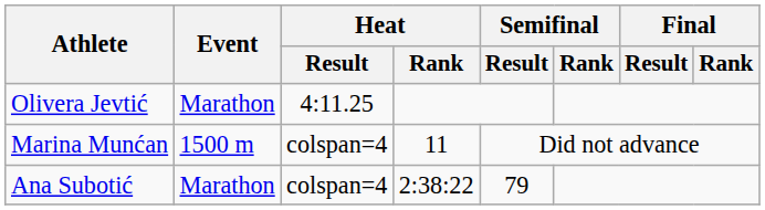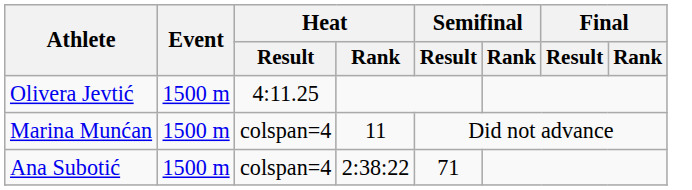 <table class="wikitable" style="font-size:90%">
 <tr>
 <th rowspan="2">Athlete</th>
 <th rowspan="2">Event</th>
 <th colspan="2">Heat</th>
 <th colspan="2">Semifinal</th>
 <th colspan="2">Final</th>
 </tr>
 <tr style="font-size:95%">
 <th>Result</th>
 <th>Rank</th>
 <th>Result</th>
 <th>Rank</th>
 <th>Result</th>
 <th>Rank</th>
 </tr>
 <tr align=center>
 <td align=left><a href='#'>Olivera Jevtić</a></td>
-<td align=left><a href='#'>Marathon</a></td>
+<td align=left><a href='#'>1500 m</a></td>
 <td>4:11.25</td>
 <td colspan=2></td>
 </tr>
 <tr align=center>
 <td align=left><a href='#'>Marina Munćan</a></td>
 <td align=left><a href='#'>1500 m</a></td>
 <td>colspan=4 </td>
 <td>11</td>
 <td colspan=4>Did not advance</td>
 </tr>
 <tr align=center>
 <td align=left><a href='#'>Ana Subotić</a></td>
-<td align=left><a href='#'>Marathon</a></td>
+<td align=left><a href='#'>1500 m</a></td>
 <td>colspan=4 </td>
 <td>2:38:22</td>
-<td>79</td>
+<td>71</td>
 </tr>
 </table>
